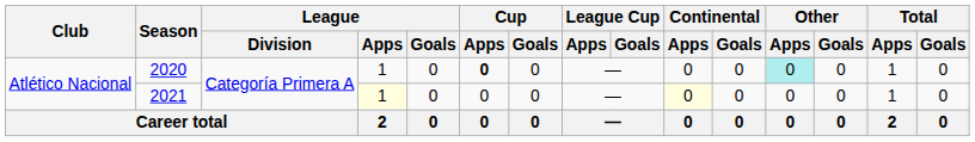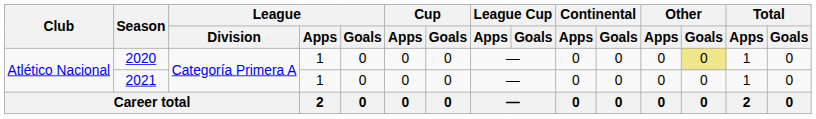 <table class="wikitable" style="text-align:center">
 <tr>
 <th rowspan="2">Club</th>
 <th rowspan="2">Season</th>
 <th colspan="3">League</th>
 <th colspan="2">Cup</th>
 <th colspan="2">League Cup</th>
 <th colspan="2">Continental</th>
 <th colspan="2">Other</th>
 <th colspan="2">Total</th>
 </tr>
 <tr>
 <th>Division</th>
 <th>Apps</th>
 <th>Goals</th>
 <th>Apps</th>
 <th>Goals</th>
 <th>Apps</th>
 <th>Goals</th>
 <th>Apps</th>
 <th>Goals</th>
 <th>Apps</th>
 <th>Goals</th>
 <th>Apps</th>
 <th>Goals</th>
 </tr>
 <tr>
 <td rowspan="2"><a href='#'>Atlético Nacional</a></td>
 <td><a href='#'>2020</a></td>
 <td rowspan="2"><a href='#'>Categoría Primera A</a></td>
 <td>1</td>
 <td>0</td>
-<td><strong>0</strong></td>
+<td>0</td>
 <td>0</td>
 <td colspan="2">—</td>
 <td>0</td>
 <td>0</td>
-<td style="background: paleturquoise;">0</td>
 <td>0</td>
+<td style="background: khaki;">0</td>
 <td>1</td>
 <td>0</td>
 </tr>
 <tr>
 <td><a href='#'>2021</a></td>
-<td style="background: lightyellow;">1</td>
+<td>1</td>
 <td>0</td>
 <td>0</td>
 <td>0</td>
 <td colspan="2">—</td>
-<td style="background: lightyellow;">0</td>
+<td>0</td>
 <td>0</td>
 <td>0</td>
 <td>0</td>
 <td>1</td>
 <td>0</td>
 </tr>
 <tr>
 <th colspan="3">Career total</th>
 <th>2</th>
 <th>0</th>
 <th>0</th>
 <th>0</th>
 <th colspan="2">—</th>
 <th>0</th>
 <th>0</th>
 <th>0</th>
 <th>0</th>
 <th>2</th>
 <th>0</th>
 </tr>
 </table>
